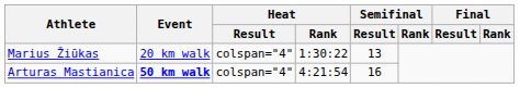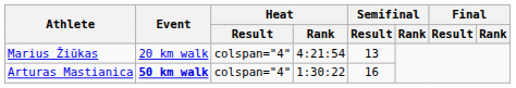 <table class="wikitable" style="font-size:90%">
 <tr>
 <th rowspan="2">Athlete</th>
 <th rowspan="2">Event</th>
 <th colspan="2">Heat</th>
 <th colspan="2">Semifinal</th>
 <th colspan="2">Final</th>
 </tr>
 <tr>
 <th>Result</th>
 <th>Rank</th>
 <th>Result</th>
 <th>Rank</th>
 <th>Result</th>
 <th>Rank</th>
 </tr>
 <tr style=text-align:center>
 <td style=text-align:left><a href='#'>Marius Žiūkas</a></td>
 <td style=text-align:left><a href='#'>20 km walk</a></td>
 <td>colspan="4" </td>
-<td>1:30:22</td>
+<td>4:21:54</td>
 <td>13</td>
 </tr>
 <tr style=text-align:center>
 <td style=text-align:left><a href='#'>Arturas Mastianica</a></td>
 <td style=text-align:left><strong><a href='#'>50 km walk</a></strong></td>
 <td>colspan="4" </td>
-<td>4:21:54</td>
+<td>1:30:22</td>
 <td>16</td>
 </tr>
 </table>
